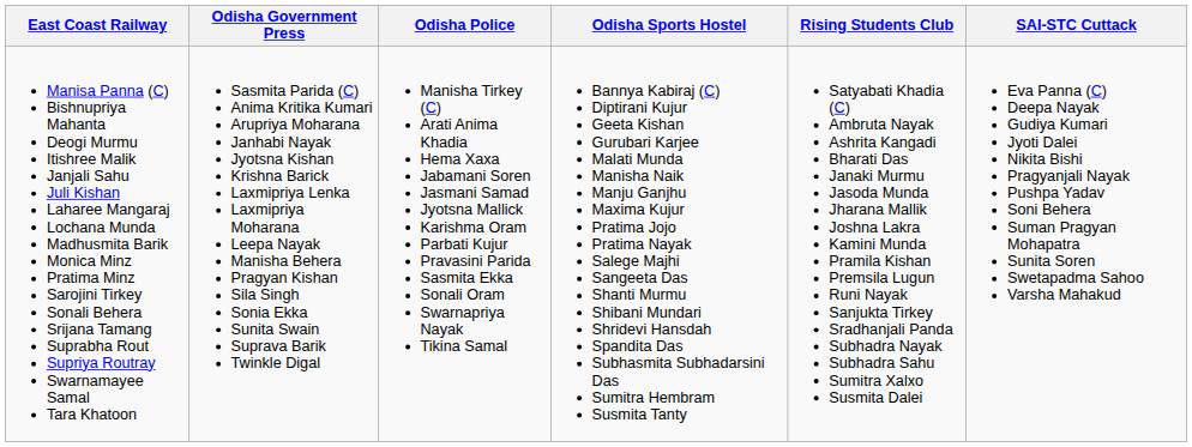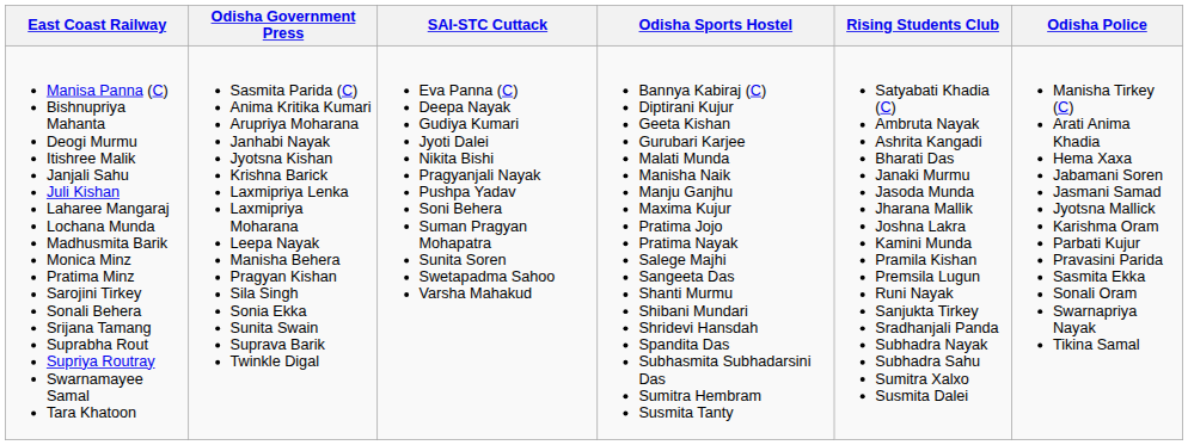 <table class="wikitable">
 <tr>
 <th><a href='#'>East Coast Railway</a></th>
 <th><a href='#'>Odisha Government Press</a></th>
-<th><a href='#'>Odisha Police</a></th>
+<th><a href='#'>SAI-STC Cuttack</a></th>
 <th><a href='#'>Odisha Sports Hostel</a></th>
 <th><a href='#'>Rising Students Club</a></th>
-<th><a href='#'>SAI-STC Cuttack</a></th>
+<th><a href='#'>Odisha Police</a></th>
 </tr>
 <tr>
 <td valign=top><br><ul><li><a href='#'>Manisa Panna</a> (<a href='#'>C</a>)</li><li>Bishnupriya Mahanta</li><li>Deogi Murmu</li><li>Itishree Malik</li><li>Janjali Sahu</li><li><a href='#'>Juli Kishan</a></li><li>Laharee Mangaraj</li><li>Lochana Munda</li><li>Madhusmita Barik</li><li>Monica Minz</li><li>Pratima Minz</li><li>Sarojini Tirkey</li><li>Sonali Behera</li><li>Srijana Tamang</li><li>Suprabha Rout</li><li><a href='#'>Supriya Routray</a></li><li>Swarnamayee Samal</li><li>Tara Khatoon</li></ul></td>
 <td valign=top><br><ul><li>Sasmita Parida (<a href='#'>C</a>)</li><li>Anima Kritika Kumari</li><li>Arupriya Moharana</li><li>Janhabi Nayak</li><li>Jyotsna Kishan</li><li>Krishna Barick</li><li>Laxmipriya Lenka</li><li>Laxmipriya Moharana</li><li>Leepa Nayak</li><li>Manisha Behera</li><li>Pragyan Kishan</li><li>Sila Singh</li><li>Sonia Ekka</li><li>Sunita Swain</li><li>Suprava Barik</li><li>Twinkle Digal</li></ul></td>
-<td valign=top><br><ul><li>Manisha Tirkey (<a href='#'>C</a>)</li><li>Arati Anima Khadia</li><li>Hema Xaxa</li><li>Jabamani Soren</li><li>Jasmani Samad</li><li>Jyotsna Mallick</li><li>Karishma Oram</li><li>Parbati Kujur</li><li>Pravasini Parida</li><li>Sasmita Ekka</li><li>Sonali Oram</li><li>Swarnapriya Nayak</li><li>Tikina Samal</li></ul></td>
+<td valign=top><br><ul><li>Eva Panna (<a href='#'>C</a>)</li><li>Deepa Nayak</li><li>Gudiya Kumari</li><li>Jyoti Dalei</li><li>Nikita Bishi</li><li>Pragyanjali Nayak</li><li>Pushpa Yadav</li><li>Soni Behera</li><li>Suman Pragyan Mohapatra</li><li>Sunita Soren</li><li>Swetapadma Sahoo</li><li>Varsha Mahakud</li></ul></td>
 <td valign=top><br><ul><li>Bannya Kabiraj (<a href='#'>C</a>)</li><li>Diptirani Kujur</li><li>Geeta Kishan</li><li>Gurubari Karjee</li><li>Malati Munda</li><li>Manisha Naik</li><li>Manju Ganjhu</li><li>Maxima Kujur</li><li>Pratima Jojo</li><li>Pratima Nayak</li><li>Salege Majhi</li><li>Sangeeta Das</li><li>Shanti Murmu</li><li>Shibani Mundari</li><li>Shridevi Hansdah</li><li>Spandita Das</li><li>Subhasmita Subhadarsini Das</li><li>Sumitra Hembram</li><li>Susmita Tanty</li></ul></td>
 <td valign=top><br><ul><li>Satyabati Khadia (<a href='#'>C</a>)</li><li>Ambruta Nayak</li><li>Ashrita Kangadi</li><li>Bharati Das</li><li>Janaki Murmu</li><li>Jasoda Munda</li><li>Jharana Mallik</li><li>Joshna Lakra</li><li>Kamini Munda</li><li>Pramila Kishan</li><li>Premsila Lugun</li><li>Runi Nayak</li><li>Sanjukta Tirkey</li><li>Sradhanjali Panda</li><li>Subhadra Nayak</li><li>Subhadra Sahu</li><li>Sumitra Xalxo</li><li>Susmita Dalei</li></ul></td>
-<td valign=top><br><ul><li>Eva Panna (<a href='#'>C</a>)</li><li>Deepa Nayak</li><li>Gudiya Kumari</li><li>Jyoti Dalei</li><li>Nikita Bishi</li><li>Pragyanjali Nayak</li><li>Pushpa Yadav</li><li>Soni Behera</li><li>Suman Pragyan Mohapatra</li><li>Sunita Soren</li><li>Swetapadma Sahoo</li><li>Varsha Mahakud</li></ul></td>
+<td valign=top><br><ul><li>Manisha Tirkey (<a href='#'>C</a>)</li><li>Arati Anima Khadia</li><li>Hema Xaxa</li><li>Jabamani Soren</li><li>Jasmani Samad</li><li>Jyotsna Mallick</li><li>Karishma Oram</li><li>Parbati Kujur</li><li>Pravasini Parida</li><li>Sasmita Ekka</li><li>Sonali Oram</li><li>Swarnapriya Nayak</li><li>Tikina Samal</li></ul></td>
 </tr>
 </table>
